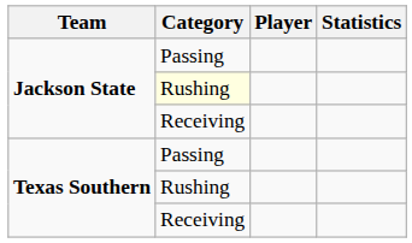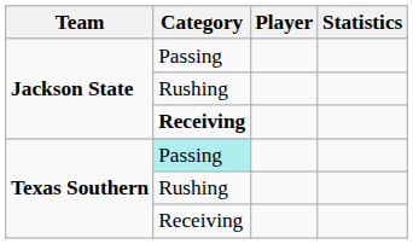 <table class="wikitable" style="float: right;">
 <tr>
 <th>Team</th>
 <th>Category</th>
 <th>Player</th>
 <th>Statistics</th>
 </tr>
 <tr>
 <td rowspan=3><strong>Jackson State</strong></td>
 <td>Passing</td>
 <td></td>
 <td></td>
 </tr>
 <tr>
-<td style="background: lightyellow;">Rushing</td>
+<td>Rushing</td>
 <td></td>
 <td></td>
 </tr>
 <tr>
-<td>Receiving</td>
+<td><strong>Receiving</strong></td>
 <td></td>
 <td></td>
 </tr>
 <tr>
 <td rowspan=3><strong>Texas Southern</strong></td>
-<td>Passing</td>
+<td style="background: paleturquoise;">Passing</td>
 <td></td>
 <td></td>
 </tr>
 <tr>
 <td>Rushing</td>
 <td></td>
 <td></td>
 </tr>
 <tr>
 <td>Receiving</td>
 <td></td>
 <td></td>
 </tr>
 </table>
